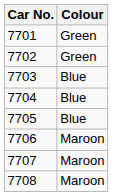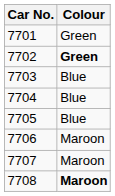 <table class="wikitable">
 <tr>
 <th>Car No.</th>
 <th>Colour</th>
 </tr>
 <tr>
 <td>7701</td>
 <td> Green</td>
 </tr>
 <tr>
 <td>7702</td>
-<td> Green</td>
+<td><strong> Green</strong></td>
 </tr>
 <tr>
 <td>7703</td>
 <td> Blue</td>
 </tr>
 <tr>
 <td>7704</td>
 <td> Blue</td>
 </tr>
 <tr>
 <td>7705</td>
 <td> Blue</td>
 </tr>
 <tr>
 <td>7706</td>
 <td> Maroon</td>
 </tr>
 <tr>
 <td>7707</td>
 <td> Maroon</td>
 </tr>
 <tr>
 <td>7708</td>
-<td> Maroon</td>
+<td><strong> Maroon</strong></td>
 </tr>
 </table>
